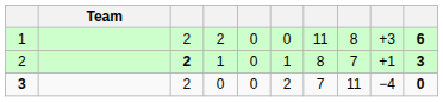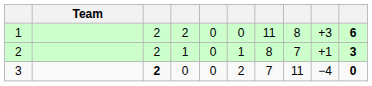 <table class="wikitable" style="text-align: center;">
 <tr>
 <th width="30"></th>
 <th width="140">Team</th>
 <th width="30"></th>
 <th width="30"></th>
 <th width="30"></th>
 <th width="30"></th>
 <th width="30"></th>
 <th width="30"></th>
 <th width="30"></th>
 <th width="30"></th>
 </tr>
 <tr align=center style="background:#ccffcc;">
 <td>1</td>
 <td style="text-align:left;"></td>
 <td>2</td>
 <td>2</td>
 <td>0</td>
 <td>0</td>
 <td>11</td>
 <td>8</td>
 <td>+3</td>
 <td><strong>6</strong></td>
 </tr>
 <tr align=center style="background:#ccffcc;">
 <td>2</td>
 <td style="text-align:left;"></td>
-<td><strong>2</strong></td>
+<td>2</td>
 <td>1</td>
 <td>0</td>
 <td>1</td>
 <td>8</td>
 <td>7</td>
 <td>+1</td>
 <td><strong>3</strong></td>
 </tr>
 <tr align=center style="background:">
-<td><strong>3</strong></td>
+<td>3</td>
 <td style="text-align:left;"></td>
-<td>2</td>
+<td><strong>2</strong></td>
 <td>0</td>
 <td>0</td>
 <td>2</td>
 <td>7</td>
 <td>11</td>
 <td>−4</td>
 <td><strong>0</strong></td>
 </tr>
 </table>
